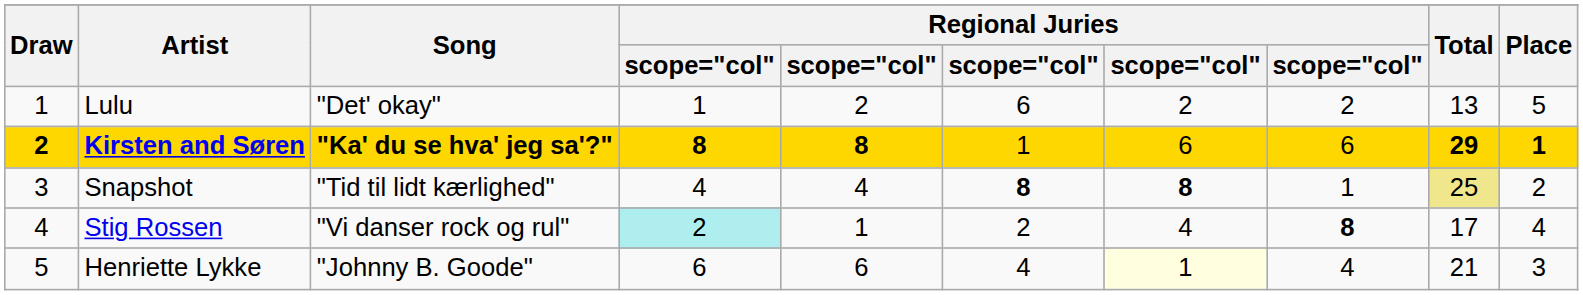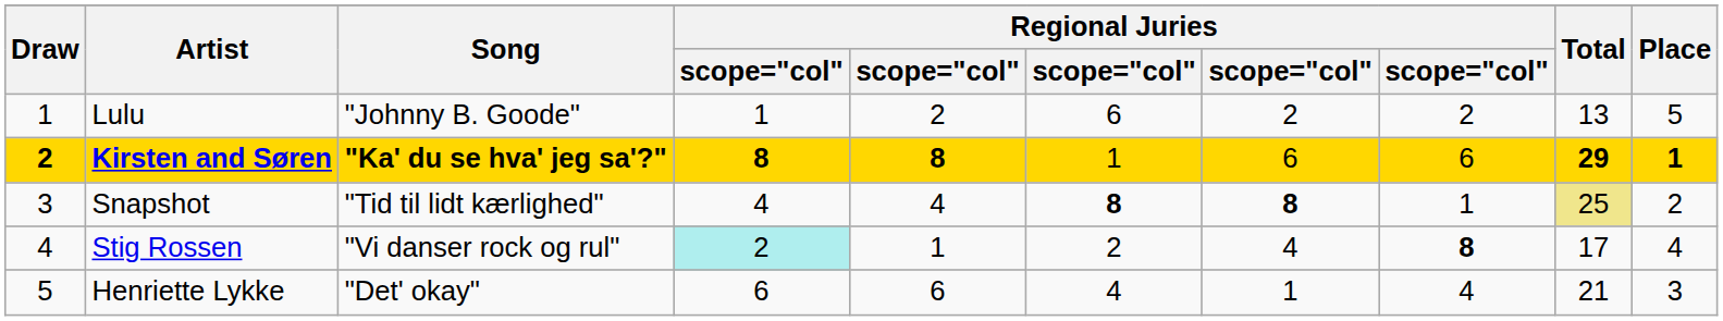 <table class="wikitable plainrowheaders" style="margin: 1em auto 1em auto; text-align:center;">
 <tr>
 </tr>
 <tr>
 <th scope="col" rowspan="2">Draw</th>
 <th scope="col" rowspan="2">Artist</th>
 <th scope="col" rowspan="2">Song</th>
 <th scope="col" colspan="5">Regional Juries</th>
 <th scope="col" rowspan="2">Total</th>
 <th scope="col" rowspan="2">Place</th>
 </tr>
 <tr>
 <th>scope="col" </th>
 <th>scope="col" </th>
 <th>scope="col" </th>
 <th>scope="col" </th>
 <th>scope="col" </th>
 </tr>
 <tr>
 <td>1</td>
 <td align="left">Lulu</td>
-<td align="left">"Det' okay"</td>
+<td align="left">"Johnny B. Goode"</td>
 <td>1</td>
 <td>2</td>
 <td>6</td>
 <td>2</td>
 <td>2</td>
 <td>13</td>
 <td>5</td>
 </tr>
 <tr bgcolor="gold">
 <td><strong>2</strong></td>
 <td align="left"><strong><a href='#'>Kirsten and Søren</a></strong></td>
 <td align="left"><strong>"Ka' du se hva' jeg sa'?"</strong></td>
 <td><strong>8</strong></td>
 <td><strong>8</strong></td>
 <td>1</td>
 <td>6</td>
 <td>6</td>
 <td><strong>29</strong></td>
 <td><strong>1</strong></td>
 </tr>
 <tr>
 <td>3</td>
 <td align="left">Snapshot</td>
 <td align="left">"Tid til lidt kærlighed"</td>
 <td>4</td>
 <td>4</td>
 <td><strong>8</strong></td>
 <td><strong>8</strong></td>
 <td>1</td>
 <td style="background: khaki;">25</td>
 <td>2</td>
 </tr>
 <tr>
 <td>4</td>
 <td align="left"><a href='#'>Stig Rossen</a></td>
 <td align="left">"Vi danser rock og rul"</td>
 <td style="background: paleturquoise;">2</td>
 <td>1</td>
 <td>2</td>
 <td>4</td>
 <td><strong>8</strong></td>
 <td>17</td>
 <td>4</td>
 </tr>
 <tr>
 <td>5</td>
 <td align="left">Henriette Lykke</td>
-<td align="left">"Johnny B. Goode"</td>
+<td align="left">"Det' okay"</td>
 <td>6</td>
 <td>6</td>
 <td>4</td>
-<td style="background: lightyellow;">1</td>
+<td>1</td>
 <td>4</td>
 <td>21</td>
 <td>3</td>
 </tr>
 </table>
